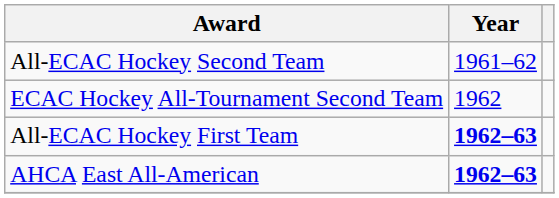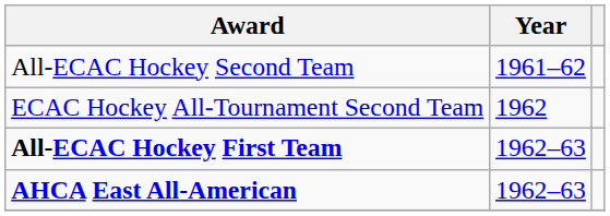 <table class="wikitable">
 <tr>
 <th>Award</th>
 <th>Year</th>
 <th></th>
 </tr>
 <tr>
 <td>All-<a href='#'>ECAC Hockey</a> <a href='#'>Second Team</a></td>
 <td><a href='#'>1961–62</a></td>
 <td></td>
 </tr>
 <tr>
 <td><a href='#'>ECAC Hockey</a> <a href='#'>All-Tournament Second Team</a></td>
 <td><a href='#'>1962</a></td>
 <td></td>
 </tr>
 <tr>
-<td>All-<a href='#'>ECAC Hockey</a> <a href='#'>First Team</a></td>
-<td><strong><a href='#'>1962–63</a></strong></td>
+<td><strong>All-<a href='#'>ECAC Hockey</a> <a href='#'>First Team</a></strong></td>
+<td><a href='#'>1962–63</a></td>
 <td></td>
 </tr>
 <tr>
-<td><a href='#'>AHCA</a> <a href='#'>East All-American</a></td>
-<td><strong><a href='#'>1962–63</a></strong></td>
+<td><strong><a href='#'>AHCA</a> <a href='#'>East All-American</a></strong></td>
+<td><a href='#'>1962–63</a></td>
 <td></td>
 </tr>
 <tr>
 </tr>
 </table>
